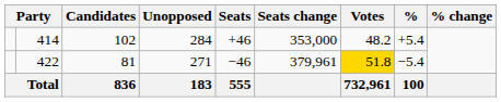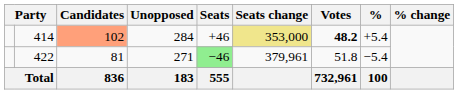 <table class="wikitable sortable">
 <tr>
 <th colspan=2>Party</th>
 <th>Candidates</th>
 <th>Unopposed</th>
 <th>Seats</th>
 <th>Seats change</th>
 <th>Votes</th>
 <th>%</th>
 <th>% change</th>
 </tr>
 <tr>
 <td></td>
 <td align=right>414</td>
-<td align=right>102</td>
+<td align=right style="background: lightsalmon;">102</td>
 <td align=right>284</td>
 <td align=right>+46</td>
-<td align=right>353,000</td>
-<td align=right>48.2</td>
+<td align=right style="background: khaki;">353,000</td>
+<td align=right><strong>48.2</strong></td>
 <td align=right>+5.4</td>
 </tr>
 <tr>
 <td></td>
 <td align=right>422</td>
 <td align=right>81</td>
 <td align=right>271</td>
-<td align=right>−46</td>
+<td align=right style="background: lightgreen;">−46</td>
 <td align=right>379,961</td>
-<td align=right style="background: gold;">51.8</td>
+<td align=right>51.8</td>
 <td align=right>−5.4</td>
 </tr>
 <tr class="sortbottom" style="font-weight: bold; text-align: right; background: #f2f2f2;">
 <th colspan="2" style="padding-left: 1.5em; text-align: left;">Total</th>
 <td align=right>836</td>
 <td align=right>183</td>
 <td align=right>555</td>
 <td align=right></td>
 <td align=right>732,961</td>
 <td align=right>100</td>
 <td align=right></td>
 </tr>
 </table>
